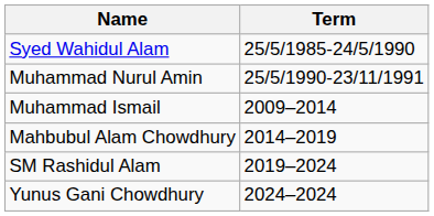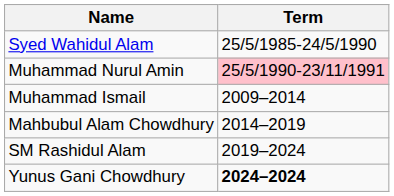 <table class="wikitable sortable">
 <tr>
 <th>Name</th>
 <th>Term</th>
 </tr>
 <tr>
 <td><a href='#'>Syed Wahidul Alam</a></td>
 <td>25/5/1985-24/5/1990</td>
 </tr>
 <tr>
 <td>Muhammad Nurul Amin</td>
-<td>25/5/1990-23/11/1991</td>
+<td style="background: pink;">25/5/1990-23/11/1991</td>
 </tr>
 <tr>
 <td>Muhammad Ismail</td>
 <td>2009–2014</td>
 </tr>
 <tr>
 <td>Mahbubul Alam Chowdhury</td>
 <td>2014–2019</td>
 </tr>
 <tr>
 <td>SM Rashidul Alam</td>
 <td>2019–2024</td>
 </tr>
 <tr>
 <td>Yunus Gani Chowdhury</td>
-<td>2024–2024</td>
+<td><strong>2024–2024</strong></td>
 </tr>
 </table>
